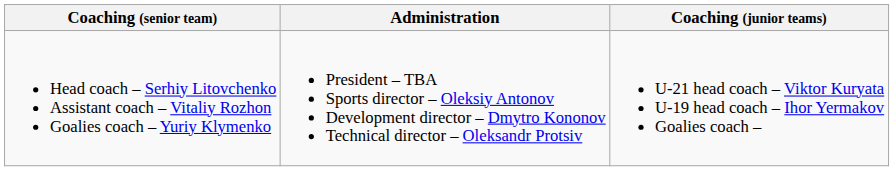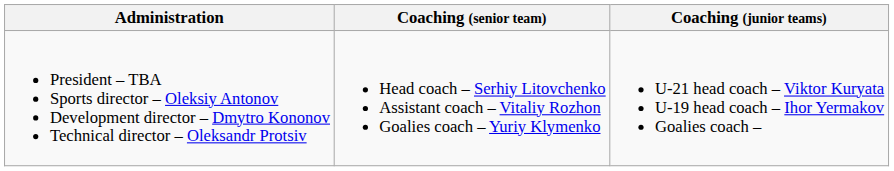 <table class="wikitable">
 <tr>
+<th>Administration</th>
 <th>Coaching <small>(senior team)</small></th>
-<th>Administration</th>
 <th>Coaching <small>(junior teams)</small></th>
 </tr>
 <tr>
+<td><br><ul><li>President – TBA</li><li>Sports director – <a href='#'>Oleksiy Antonov</a></li><li>Development director – <a href='#'>Dmytro Kononov</a></li><li>Technical director – <a href='#'>Oleksandr Protsiv</a></li></ul></td>
 <td><br><ul><li>Head coach – <a href='#'>Serhiy Litovchenko</a></li><li>Assistant coach – <a href='#'>Vitaliy Rozhon</a></li><li>Goalies coach – <a href='#'>Yuriy Klymenko</a></li></ul></td>
-<td><br><ul><li>President – TBA</li><li>Sports director – <a href='#'>Oleksiy Antonov</a></li><li>Development director – <a href='#'>Dmytro Kononov</a></li><li>Technical director – <a href='#'>Oleksandr Protsiv</a></li></ul></td>
 <td><br><ul><li>U-21 head coach  – <a href='#'>Viktor Kuryata</a></li><li>U-19 head coach – <a href='#'>Ihor Yermakov</a></li><li>Goalies coach –</li></ul></td>
 </tr>
 </table>
